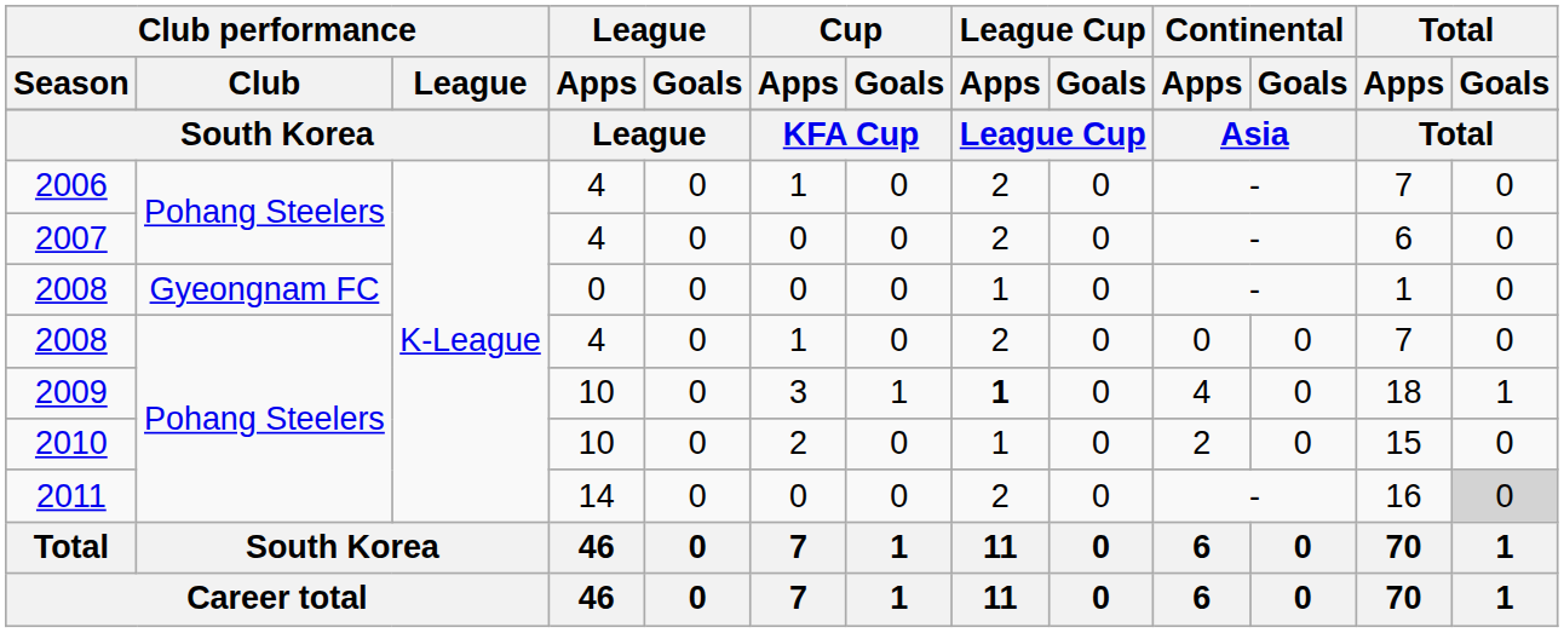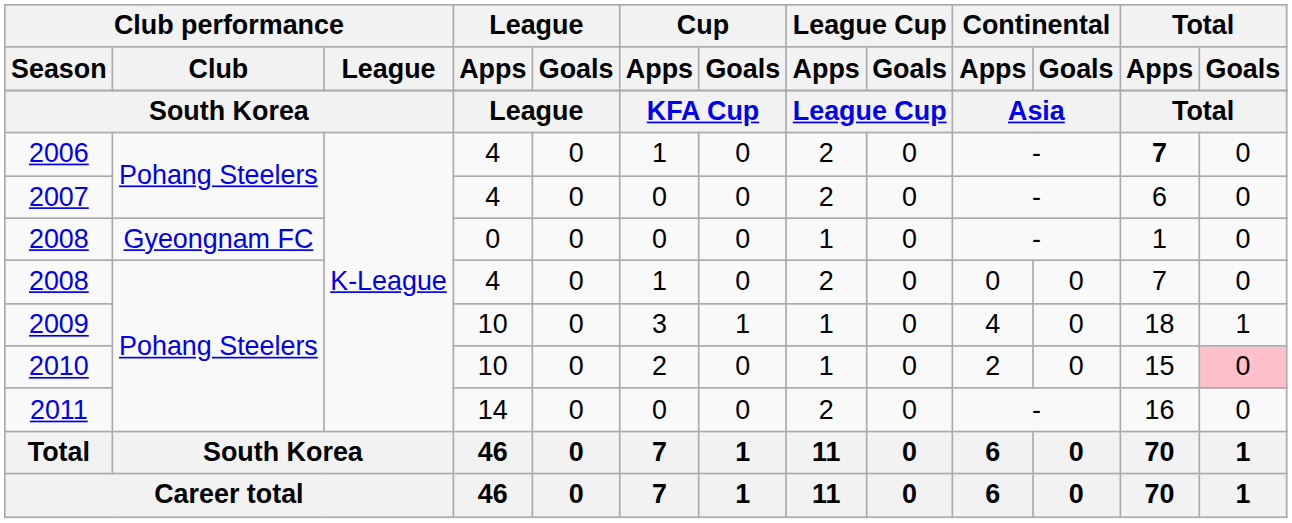 <table class="wikitable" style="text-align:center">
 <tr>
 <th colspan=3>Club performance</th>
 <th colspan=2>League</th>
 <th colspan=2>Cup</th>
 <th colspan=2>League Cup</th>
 <th colspan=2>Continental</th>
 <th colspan=2>Total</th>
 </tr>
 <tr>
 <th>Season</th>
 <th>Club</th>
 <th>League</th>
 <th>Apps</th>
 <th>Goals</th>
 <th>Apps</th>
 <th>Goals</th>
 <th>Apps</th>
 <th>Goals</th>
 <th>Apps</th>
 <th>Goals</th>
 <th>Apps</th>
 <th>Goals</th>
 </tr>
 <tr>
 </tr>
 <tr>
 <th colspan=3>South Korea</th>
 <th colspan=2>League</th>
 <th colspan=2><a href='#'>KFA Cup</a></th>
 <th colspan=2><a href='#'>League Cup</a></th>
 <th colspan=2><a href='#'>Asia</a></th>
 <th colspan=2>Total</th>
 </tr>
 <tr>
 <td><a href='#'>2006</a></td>
 <td rowspan="2"><a href='#'>Pohang Steelers</a></td>
 <td rowspan="7"><a href='#'>K-League</a></td>
 <td>4</td>
 <td>0</td>
 <td>1</td>
 <td>0</td>
 <td>2</td>
 <td>0</td>
 <td colspan="2">-</td>
-<td>7</td>
+<td><strong>7</strong></td>
 <td>0</td>
 </tr>
 <tr>
 <td><a href='#'>2007</a></td>
 <td>4</td>
 <td>0</td>
 <td>0</td>
 <td>0</td>
 <td>2</td>
 <td>0</td>
 <td colspan="2">-</td>
 <td>6</td>
 <td>0</td>
 </tr>
 <tr>
 <td><a href='#'>2008</a></td>
 <td rowspan="1"><a href='#'>Gyeongnam FC</a></td>
 <td>0</td>
 <td>0</td>
 <td>0</td>
 <td>0</td>
 <td>1</td>
 <td>0</td>
 <td colspan="2">-</td>
 <td>1</td>
 <td>0</td>
 </tr>
 <tr>
 <td><a href='#'>2008</a></td>
 <td rowspan="4"><a href='#'>Pohang Steelers</a></td>
 <td>4</td>
 <td>0</td>
 <td>1</td>
 <td>0</td>
 <td>2</td>
 <td>0</td>
 <td>0</td>
 <td>0</td>
 <td>7</td>
 <td>0</td>
 </tr>
 <tr>
 <td><a href='#'>2009</a></td>
 <td>10</td>
 <td>0</td>
 <td>3</td>
 <td>1</td>
-<td><strong>1</strong></td>
+<td>1</td>
 <td>0</td>
 <td>4</td>
 <td>0</td>
 <td>18</td>
 <td>1</td>
 </tr>
 <tr>
 <td><a href='#'>2010</a></td>
 <td>10</td>
 <td>0</td>
 <td>2</td>
 <td>0</td>
 <td>1</td>
 <td>0</td>
 <td>2</td>
 <td>0</td>
 <td>15</td>
-<td>0</td>
+<td style="background: pink;">0</td>
 </tr>
 <tr>
 <td><a href='#'>2011</a></td>
 <td>14</td>
 <td>0</td>
 <td>0</td>
 <td>0</td>
 <td>2</td>
 <td>0</td>
 <td colspan="2">-</td>
 <td>16</td>
-<td style="background: lightgrey;">0</td>
+<td>0</td>
 </tr>
 <tr>
 <th rowspan=1>Total</th>
 <th colspan=2>South Korea</th>
 <th>46</th>
 <th>0</th>
 <th>7</th>
 <th>1</th>
 <th>11</th>
 <th>0</th>
 <th>6</th>
 <th>0</th>
 <th>70</th>
 <th>1</th>
 </tr>
 <tr>
 <th colspan=3>Career total</th>
 <th>46</th>
 <th>0</th>
 <th>7</th>
 <th>1</th>
 <th>11</th>
 <th>0</th>
 <th>6</th>
 <th>0</th>
 <th>70</th>
 <th>1</th>
 </tr>
 </table>
